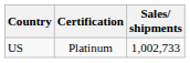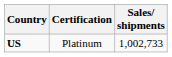 <table class="wikitable">
 <tr>
 <th align="center">Country</th>
 <th align="center">Certification</th>
 <th align="center">Sales/<br>shipments</th>
 </tr>
 <tr>
-<td align="left">US</td>
+<td align="left"><strong>US</strong></td>
 <td align="center" rowspan="5">Platinum</td>
 <td align="center" rowspan="5">1,002,733</td>
 </tr>
 </table>
